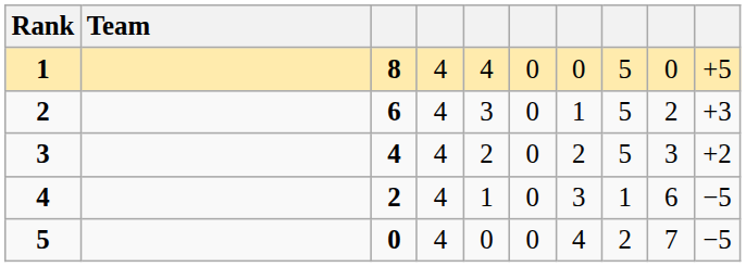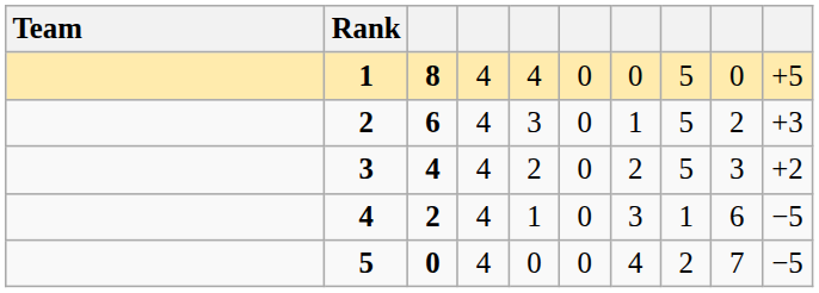 <table class="wikitable" style="text-align: center;">
 <tr>
+<th style="width:165px; text-align:left;">Team</th>
 <th width=30>Rank</th>
-<th style="width:165px; text-align:left;">Team</th>
 <th width=20></th>
 <th width=20></th>
 <th width=20></th>
 <th width=20></th>
 <th width=20></th>
 <th width=20></th>
 <th width=20></th>
 <th width=20></th>
 </tr>
 <tr style="background:#ffebad;">
+<td style="text-align:left;"></td>
 <td><strong>1</strong></td>
-<td style="text-align:left;"></td>
 <td><strong>8</strong></td>
 <td>4</td>
 <td>4</td>
 <td>0</td>
 <td>0</td>
 <td>5</td>
 <td>0</td>
 <td>+5</td>
 </tr>
 <tr>
+<td style="text-align:left;"></td>
 <td><strong>2</strong></td>
-<td style="text-align:left;"></td>
 <td><strong>6</strong></td>
 <td>4</td>
 <td>3</td>
 <td>0</td>
 <td>1</td>
 <td>5</td>
 <td>2</td>
 <td>+3</td>
 </tr>
 <tr>
+<td style="text-align:left;"></td>
 <td><strong>3</strong></td>
-<td style="text-align:left;"></td>
 <td><strong>4</strong></td>
 <td>4</td>
 <td>2</td>
 <td>0</td>
 <td>2</td>
 <td>5</td>
 <td>3</td>
 <td>+2</td>
 </tr>
 <tr>
+<td style="text-align:left;"></td>
 <td><strong>4</strong></td>
-<td style="text-align:left;"></td>
 <td><strong>2</strong></td>
 <td>4</td>
 <td>1</td>
 <td>0</td>
 <td>3</td>
 <td>1</td>
 <td>6</td>
 <td>−5</td>
 </tr>
 <tr>
+<td style="text-align:left;"></td>
 <td><strong>5</strong></td>
-<td style="text-align:left;"></td>
 <td><strong>0</strong></td>
 <td>4</td>
 <td>0</td>
 <td>0</td>
 <td>4</td>
 <td>2</td>
 <td>7</td>
 <td>−5</td>
 </tr>
 </table>
